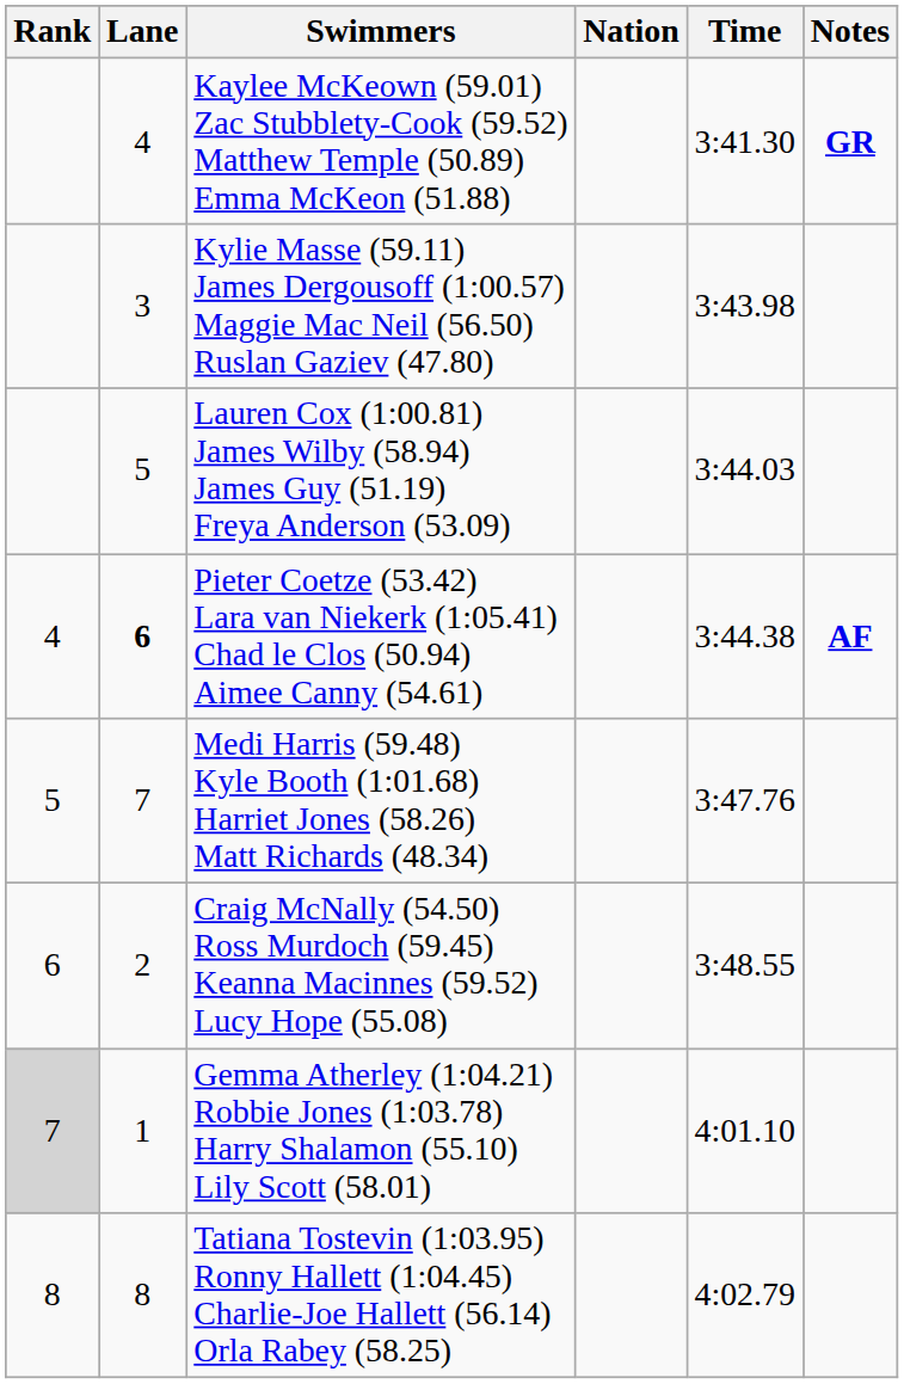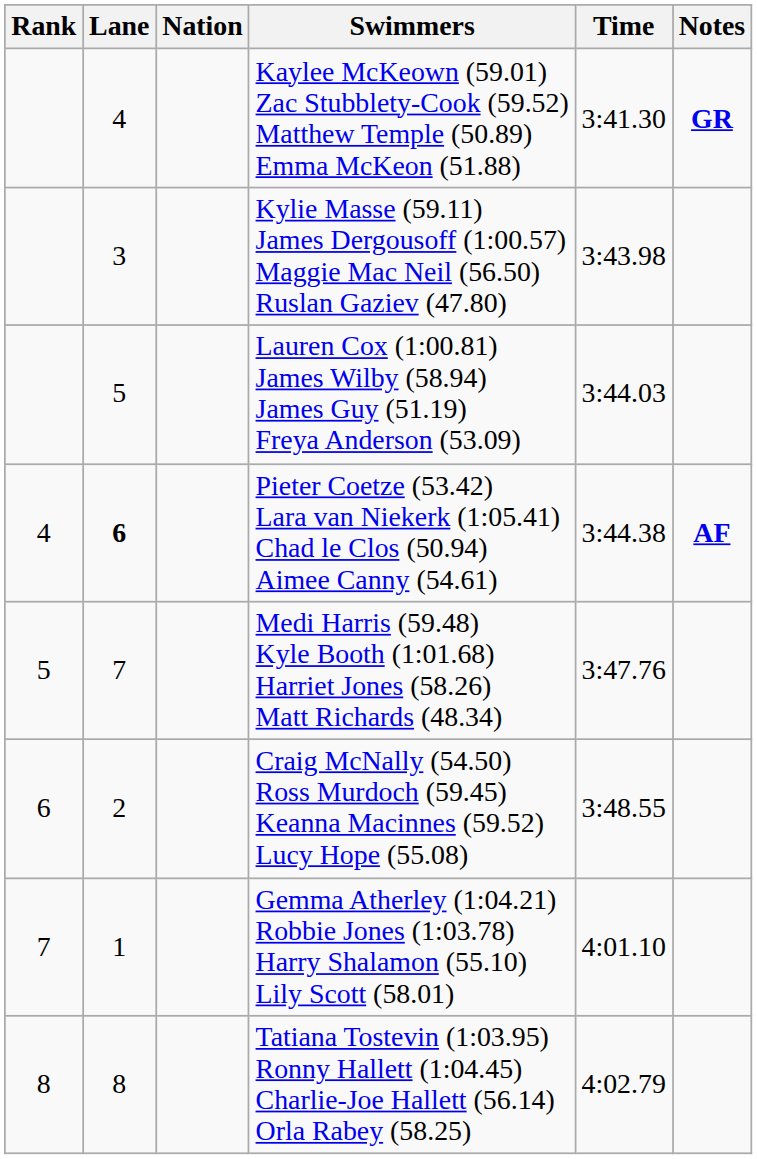 <table class="wikitable sortable" style="text-align:center">
 <tr>
 <th>Rank</th>
 <th>Lane</th>
+<th>Nation</th>
 <th>Swimmers</th>
-<th>Nation</th>
 <th>Time</th>
 <th>Notes</th>
 </tr>
 <tr>
 <td></td>
 <td>4</td>
+<td align=left></td>
 <td align="left"><a href='#'>Kaylee McKeown</a> (59.01)<br><a href='#'>Zac Stubblety-Cook</a> (59.52)<br><a href='#'>Matthew Temple</a> (50.89)<br><a href='#'>Emma McKeon</a> (51.88)</td>
-<td align=left></td>
 <td>3:41.30</td>
 <td><strong><a href='#'>GR</a></strong></td>
 </tr>
 <tr>
 <td></td>
 <td>3</td>
+<td align=left></td>
 <td align="left"><a href='#'>Kylie Masse</a> (59.11)<br><a href='#'>James Dergousoff</a> (1:00.57)<br><a href='#'>Maggie Mac Neil</a> (56.50)<br><a href='#'>Ruslan Gaziev</a> (47.80)</td>
-<td align=left></td>
 <td>3:43.98</td>
 <td></td>
 </tr>
 <tr>
 <td></td>
 <td>5</td>
+<td align=left></td>
 <td align="left"><a href='#'>Lauren Cox</a> (1:00.81)<br><a href='#'>James Wilby</a> (58.94)<br><a href='#'>James Guy</a> (51.19)<br><a href='#'>Freya Anderson</a> (53.09)</td>
-<td align=left></td>
 <td>3:44.03</td>
 <td></td>
 </tr>
 <tr>
 <td>4</td>
 <td><strong>6</strong></td>
+<td align=left></td>
 <td align="left"><a href='#'>Pieter Coetze</a> (53.42)<br><a href='#'>Lara van Niekerk</a> (1:05.41)<br><a href='#'>Chad le Clos</a> (50.94)<br><a href='#'>Aimee Canny</a> (54.61)</td>
-<td align=left></td>
 <td>3:44.38</td>
 <td><strong><a href='#'>AF</a></strong></td>
 </tr>
 <tr>
 <td>5</td>
 <td>7</td>
+<td align=left></td>
 <td align="left"><a href='#'>Medi Harris</a> (59.48)<br><a href='#'>Kyle Booth</a> (1:01.68)<br><a href='#'>Harriet Jones</a> (58.26)<br><a href='#'>Matt Richards</a> (48.34)</td>
-<td align=left></td>
 <td>3:47.76</td>
 <td></td>
 </tr>
 <tr>
 <td>6</td>
 <td>2</td>
+<td align=left></td>
 <td align="left"><a href='#'>Craig McNally</a> (54.50)<br><a href='#'>Ross Murdoch</a> (59.45)<br><a href='#'>Keanna Macinnes</a> (59.52)<br><a href='#'>Lucy Hope</a> (55.08)</td>
-<td align=left></td>
 <td>3:48.55</td>
 <td></td>
 </tr>
 <tr>
-<td style="background: lightgrey;">7</td>
+<td>7</td>
 <td>1</td>
+<td align=left></td>
 <td align="left"><a href='#'>Gemma Atherley</a> (1:04.21)<br><a href='#'>Robbie Jones</a> (1:03.78)<br><a href='#'>Harry Shalamon</a> (55.10)<br><a href='#'>Lily Scott</a> (58.01)</td>
-<td align=left></td>
 <td>4:01.10</td>
 <td></td>
 </tr>
 <tr>
 <td>8</td>
 <td>8</td>
+<td align=left></td>
 <td align="left"><a href='#'>Tatiana Tostevin</a> (1:03.95)<br><a href='#'>Ronny Hallett</a> (1:04.45)<br><a href='#'>Charlie-Joe Hallett</a> (56.14)<br><a href='#'>Orla Rabey</a> (58.25)</td>
-<td align=left></td>
 <td>4:02.79</td>
 <td></td>
 </tr>
 </table>
